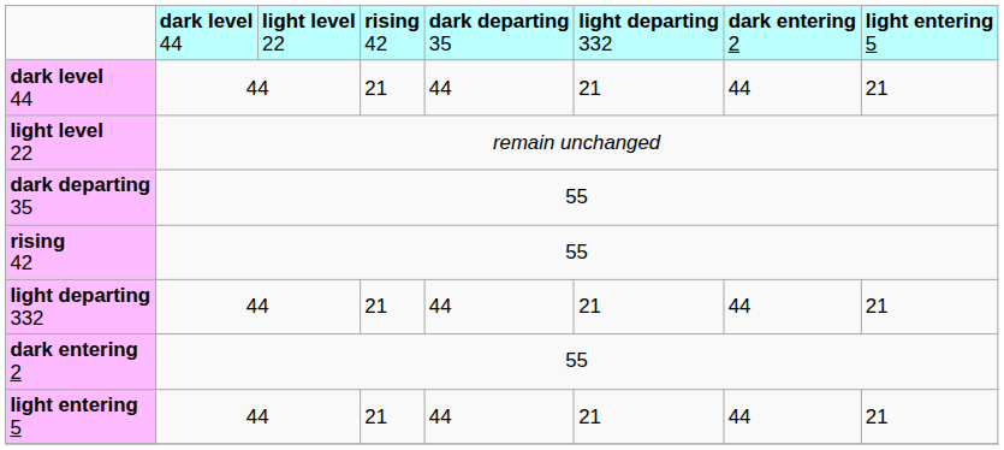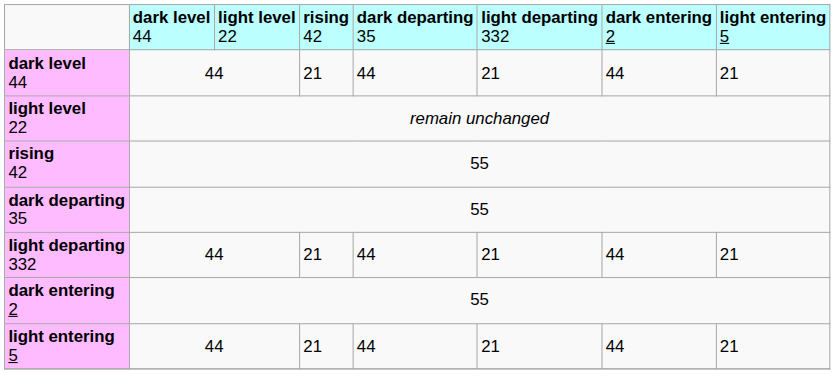 <table class=wikitable>
 <tr>
 <td></td>
 <td bgcolor="#BBFFFF"><strong>dark level</strong><br>44</td>
 <td bgcolor="#BBFFFF"><strong>light level</strong><br>22</td>
 <td bgcolor="#BBFFFF"><strong>rising</strong><br>42</td>
 <td bgcolor="#BBFFFF"><strong>dark departing</strong><br>35</td>
 <td bgcolor="#BBFFFF"><strong>light departing</strong><br>332</td>
 <td bgcolor="#BBFFFF"><strong>dark entering</strong><br><u>2</u></td>
 <td bgcolor="#BBFFFF"><strong>light entering</strong><br><u>5</u></td>
 </tr>
 <tr>
 <td bgcolor="#FFBBFF"><strong>dark level</strong><br>44</td>
 <td colspan="2" style="text-align:center;">44</td>
 <td>21</td>
 <td>44</td>
 <td>21</td>
 <td>44</td>
 <td>21</td>
 </tr>
 <tr>
 <td bgcolor="#FFBBFF"><strong>light level</strong><br>22</td>
 <td colspan="7" style="text-align:center;"><em>remain unchanged</em></td>
 </tr>
 <tr>
-<td bgcolor="#FFBBFF"><strong>dark departing</strong><br>35</td>
+<td bgcolor="#FFBBFF"><strong>rising</strong><br>42</td>
 <td colspan="7" style="text-align:center;">55</td>
 </tr>
 <tr>
-<td bgcolor="#FFBBFF"><strong>rising</strong><br>42</td>
+<td bgcolor="#FFBBFF"><strong>dark departing</strong><br>35</td>
 <td colspan="7" style="text-align:center;">55</td>
 </tr>
 <tr>
 <td bgcolor="#FFBBFF"><strong>light departing</strong><br>332</td>
 <td colspan="2" style="text-align:center;">44</td>
 <td>21</td>
 <td>44</td>
 <td>21</td>
 <td>44</td>
 <td>21</td>
 </tr>
 <tr>
 <td bgcolor="#FFBBFF"><strong>dark entering</strong><br><u>2</u></td>
 <td colspan="7" style="text-align:center;">55</td>
 </tr>
 <tr>
 <td bgcolor="#FFBBFF"><strong>light entering</strong><br><u>5</u></td>
 <td colspan="2" style="text-align:center;">44</td>
 <td>21</td>
 <td>44</td>
 <td>21</td>
 <td>44</td>
 <td>21</td>
 </tr>
 <tr>
 </tr>
 </table>
